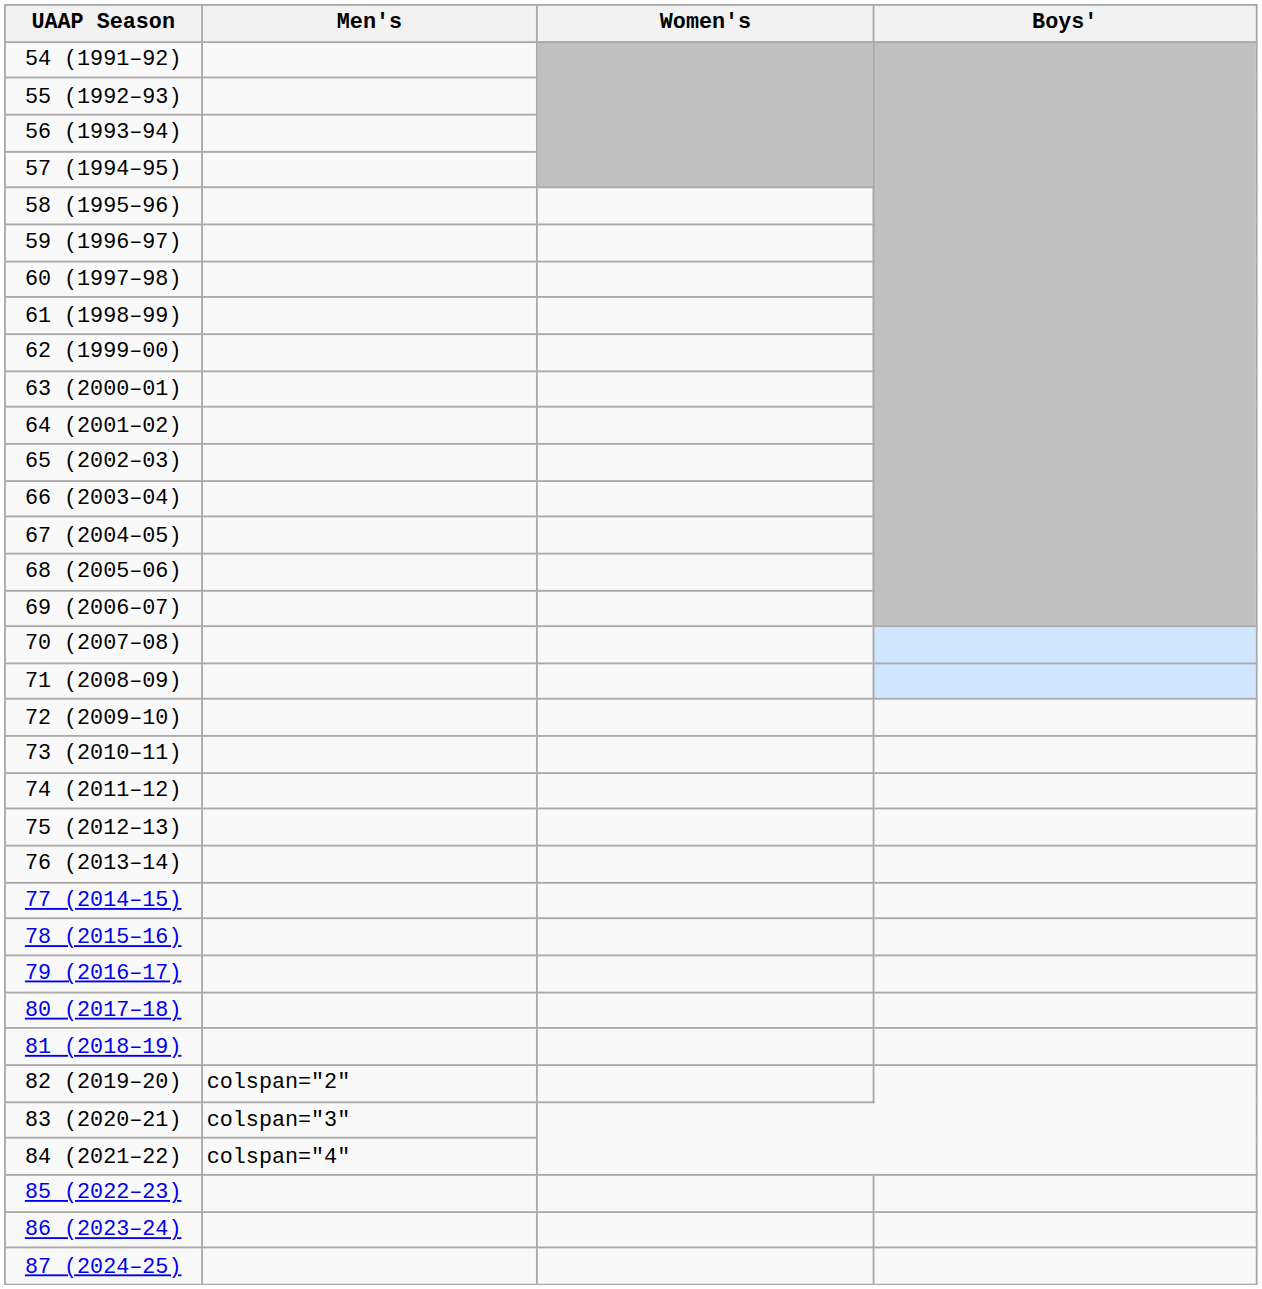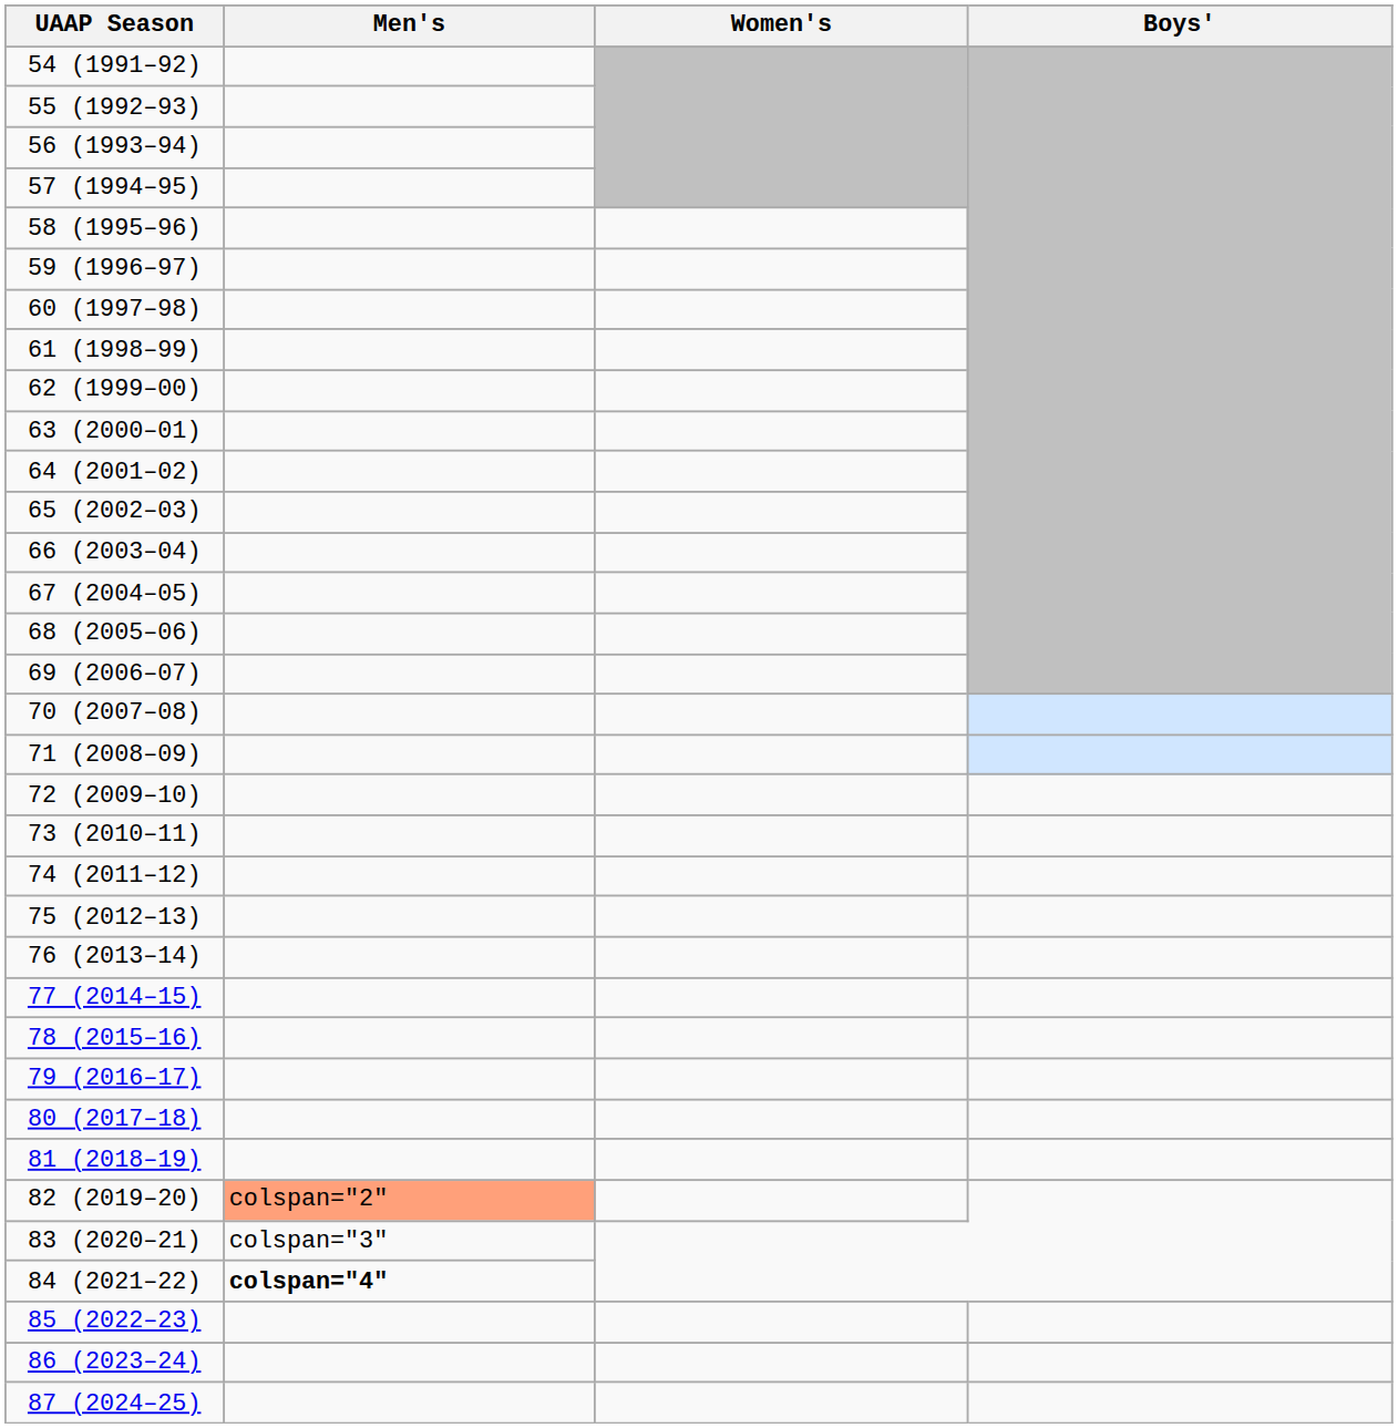 <table class="wikitable sortable" style="font-size:90%;">
 <tr bgcolor="efefef">
 <th width=100px>UAAP Season</th>
 <th width=175px>Men's</th>
 <th width=175px>Women's</th>
 <th width=200px>Boys'</th>
 </tr>
 <tr>
 <td align=center>54 (1991–92)</td>
 <td> <br> </td>
 <td bgcolor=silver rowspan=4></td>
 <td bgcolor=silver rowspan=16></td>
 </tr>
 <tr>
 <td align=center>55 (1992–93)</td>
 <td></td>
 </tr>
 <tr>
 <td align=center>56 (1993–94)</td>
 <td></td>
 </tr>
 <tr>
 <td align=center>57 (1994–95)</td>
 <td></td>
 </tr>
 <tr>
 <td align=center>58 (1995–96)</td>
 <td></td>
 <td></td>
 </tr>
 <tr>
 <td align=center>59 (1996–97)</td>
 <td></td>
 <td></td>
 </tr>
 <tr>
 <td align=center>60 (1997–98)</td>
 <td></td>
 <td></td>
 </tr>
 <tr>
 <td align=center>61 (1998–99)</td>
 <td></td>
 <td></td>
 </tr>
 <tr>
 <td align=center>62 (1999–00)</td>
 <td></td>
 <td></td>
 </tr>
 <tr>
 <td align=center>63 (2000–01)</td>
 <td></td>
 <td></td>
 </tr>
 <tr>
 <td align=center>64 (2001–02)</td>
 <td></td>
 <td></td>
 </tr>
 <tr>
 <td align=center>65 (2002–03)</td>
 <td></td>
 <td></td>
 </tr>
 <tr>
 <td align=center>66 (2003–04)</td>
 <td></td>
 <td></td>
 </tr>
 <tr>
 <td align=center>67 (2004–05)</td>
 <td></td>
 <td></td>
 </tr>
 <tr>
 <td align=center>68 (2005–06)</td>
 <td></td>
 <td></td>
 </tr>
 <tr>
 <td align=center>69 (2006–07)</td>
 <td></td>
 <td></td>
 </tr>
 <tr>
 <td align=center>70 (2007–08)</td>
 <td></td>
 <td></td>
 <td bgcolor="#D0E6FF"></td>
 </tr>
 <tr>
 <td align=center>71 (2008–09)</td>
 <td></td>
 <td></td>
 <td bgcolor="#D0E6FF"></td>
 </tr>
 <tr>
 <td align=center>72 (2009–10)</td>
 <td></td>
 <td></td>
 <td></td>
 </tr>
 <tr>
 <td align=center>73 (2010–11)</td>
 <td></td>
 <td></td>
 <td></td>
 </tr>
 <tr>
 <td align=center>74 (2011–12)</td>
 <td></td>
 <td></td>
 <td></td>
 </tr>
 <tr>
 <td align=center>75 (2012–13)</td>
 <td></td>
 <td></td>
 <td></td>
 </tr>
 <tr>
 <td align=center>76 (2013–14)</td>
 <td></td>
 <td></td>
 <td></td>
 </tr>
 <tr>
 <td align=center><a href='#'>77 (2014–15)</a></td>
 <td></td>
 <td></td>
 <td></td>
 </tr>
 <tr>
 <td align=center><a href='#'>78 (2015–16)</a></td>
 <td></td>
 <td></td>
 <td></td>
 </tr>
 <tr>
 <td align=center><a href='#'>79 (2016–17)</a></td>
 <td></td>
 <td></td>
 <td></td>
 </tr>
 <tr>
 <td align=center><a href='#'>80 (2017–18)</a></td>
 <td></td>
 <td></td>
 <td></td>
 </tr>
 <tr>
 <td align=center><a href='#'>81 (2018–19)</a></td>
 <td></td>
 <td></td>
 <td></td>
 </tr>
 <tr>
 <td align=center>82 (2019–20)</td>
-<td>colspan="2" </td>
+<td style="background: lightsalmon;">colspan="2" </td>
 <td></td>
 </tr>
 <tr>
 <td align="center">83 (2020–21)</td>
 <td>colspan="3" </td>
 </tr>
 <tr>
 <td align="center">84 (2021–22)</td>
-<td>colspan="4" </td>
+<td><strong>colspan="4" </strong></td>
 </tr>
 <tr>
 <td align="center"><a href='#'>85 (2022–23)</a></td>
 <td></td>
 <td></td>
 <td></td>
 </tr>
 <tr>
 <td align="center"><a href='#'>86 (2023–24)</a></td>
 <td></td>
 <td></td>
 <td></td>
 </tr>
 <tr>
 <td align="center"><a href='#'>87 (2024–25)</a></td>
 <td></td>
 <td></td>
 <td></td>
 </tr>
 </table>
